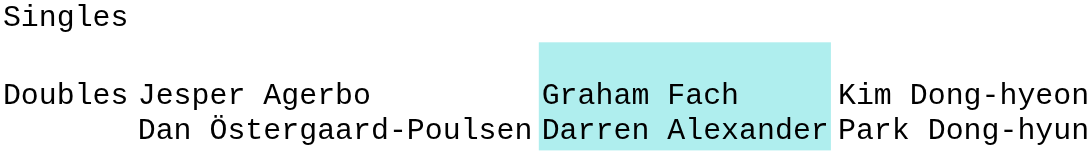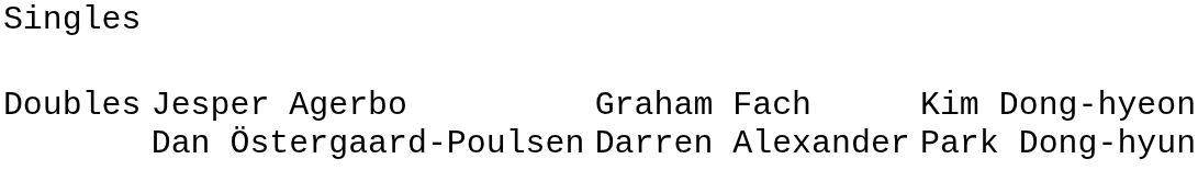 <table>
 <tr>
 <td>Singles<br></td>
 <td></td>
 <td></td>
 <td></td>
 </tr>
 <tr>
 <td>Doubles<br></td>
 <td> <br> Jesper Agerbo <br> Dan Östergaard-Poulsen</td>
-<td style="background: paleturquoise;"> <br> Graham Fach <br> Darren Alexander</td>
+<td> <br> Graham Fach <br> Darren Alexander</td>
 <td> <br> Kim Dong-hyeon <br> Park Dong-hyun</td>
 </tr>
 </table>
